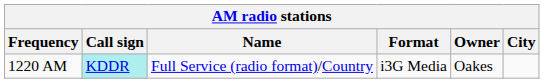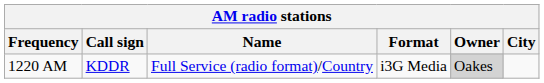 <table class="wikitable">
 <tr>
 <th align="center" colspan="6"><strong><a href='#'>AM radio</a> stations</strong></th>
 </tr>
 <tr>
 <th>Frequency</th>
 <th>Call sign</th>
 <th>Name</th>
 <th>Format</th>
 <th>Owner</th>
 <th>City</th>
 </tr>
 <tr>
 <td>1220 AM</td>
-<td style="background: paleturquoise;"><a href='#'>KDDR</a></td>
+<td><a href='#'>KDDR</a></td>
 <td KDDR><a href='#'>Full Service (radio format)</a>/<a href='#'>Country</a></td>
 <td>i3G Media</td>
-<td>Oakes</td>
+<td style="background: lightgrey;">Oakes</td>
 </tr>
 </table>
